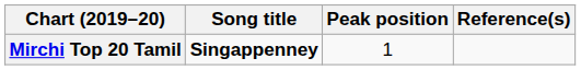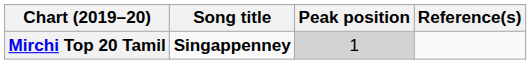 <table class="wikitable" style="text-align:center">
 <tr>
 <th scope="col">Chart (2019–20)</th>
 <th>Song title</th>
 <th scope="col">Peak position</th>
 <th>Reference(s)</th>
 </tr>
 <tr>
 <th rowspan="2" scope="row"><a href='#'>Mirchi</a> Top 20 Tamil</th>
 <td><strong>Singappenney</strong></td>
-<td>1</td>
+<td style="background: lightgrey;">1</td>
 <td rowspan="2"></td>
 </tr>
 </table>
